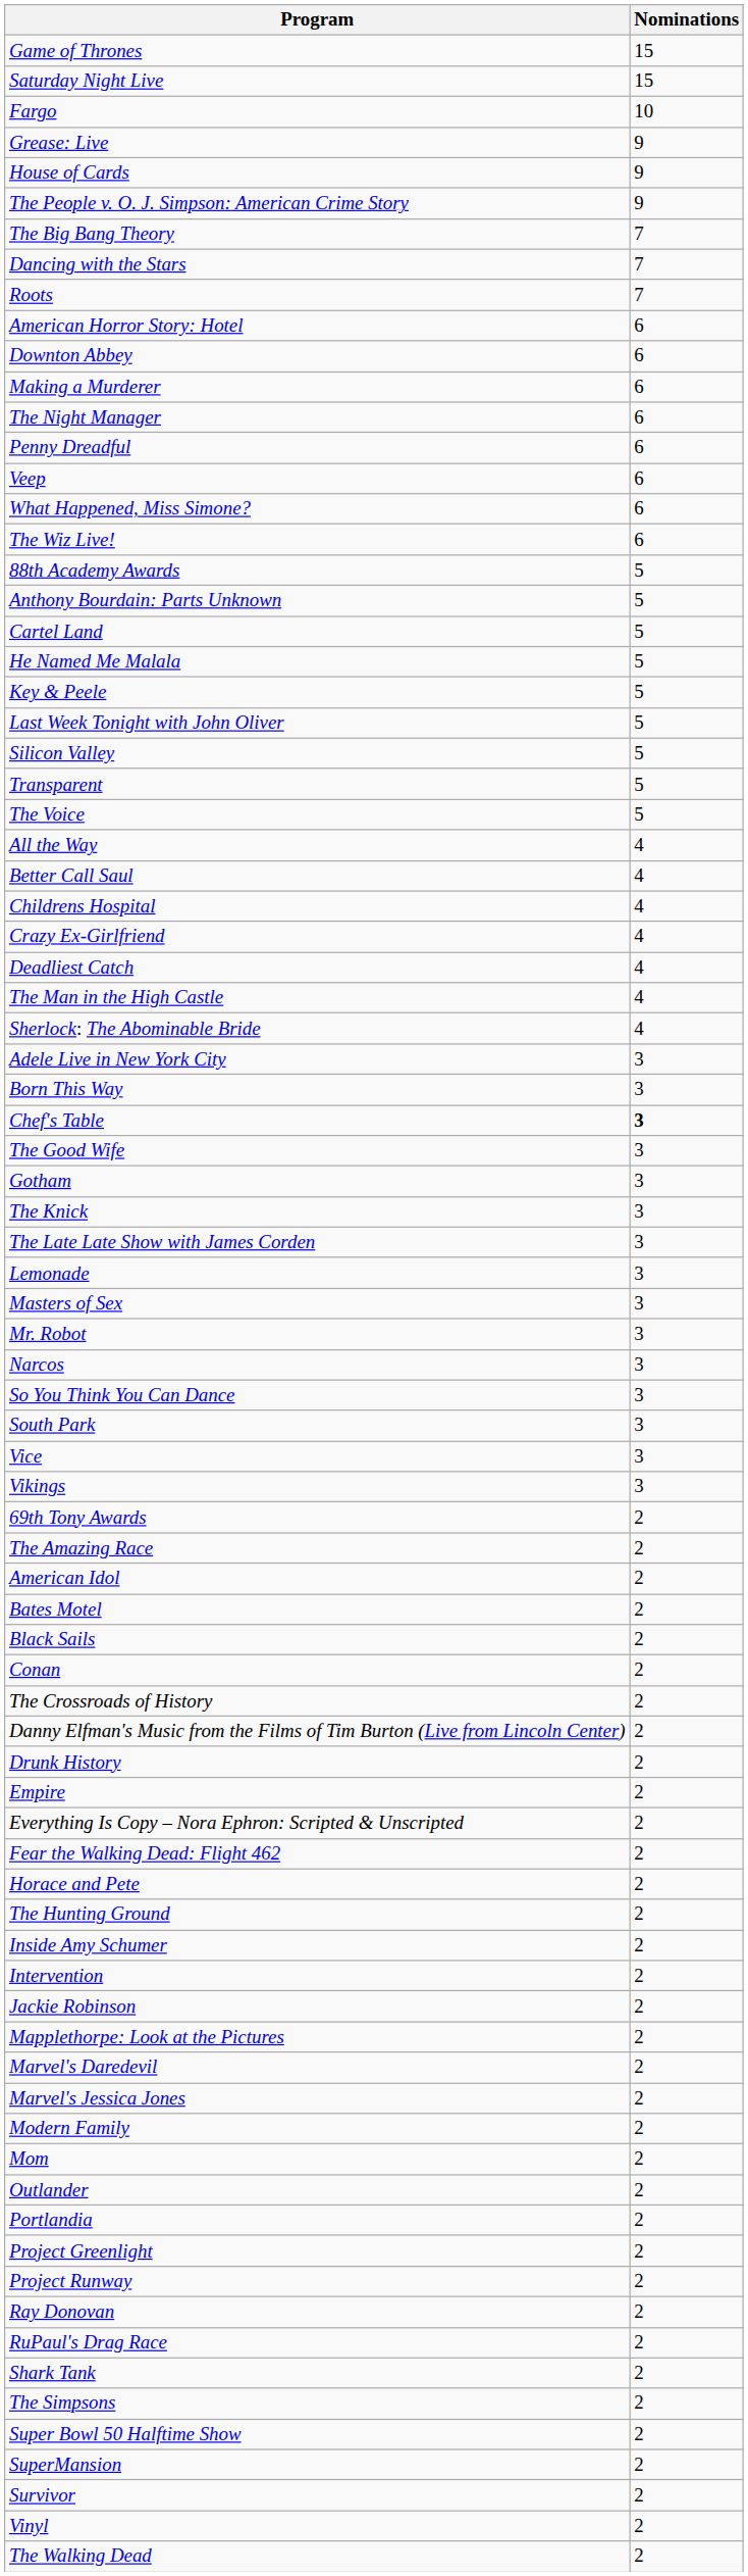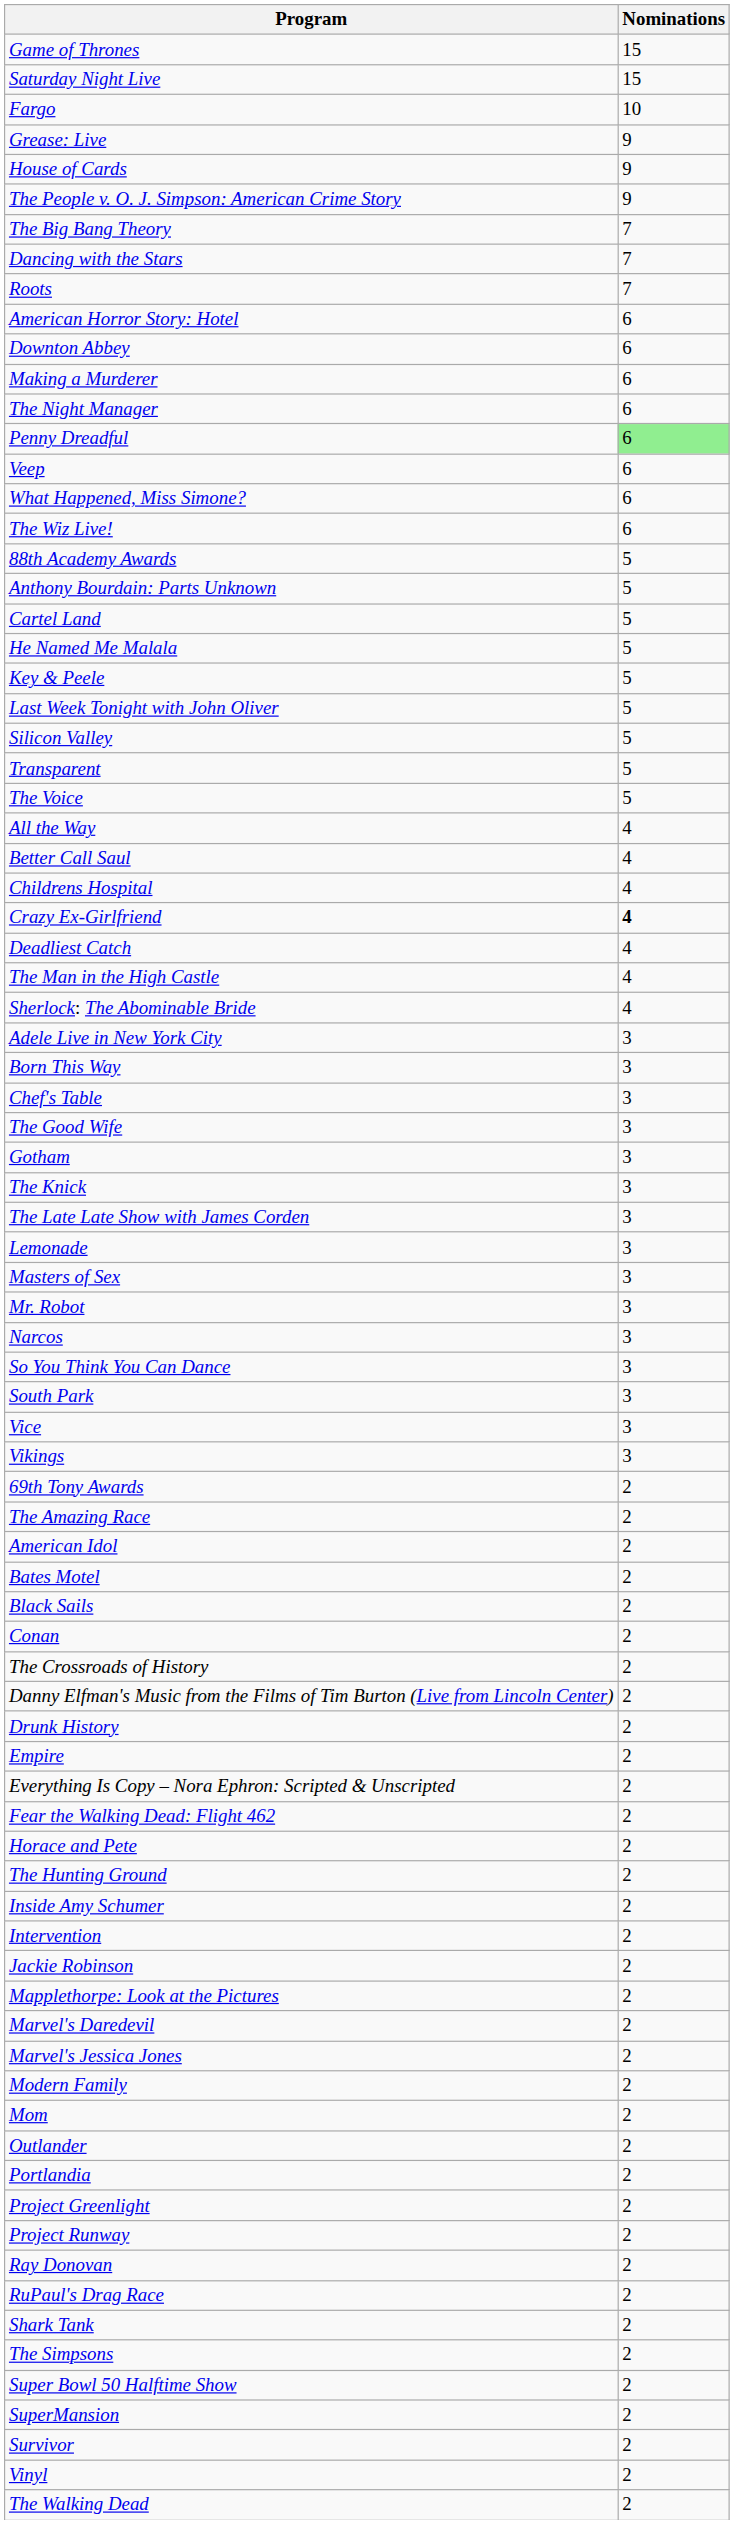 <table class="wikitable sortable">
 <tr>
 <th>Program</th>
 <th>Nominations</th>
 </tr>
 <tr>
 <td><em><a href='#'>Game of Thrones</a></em></td>
 <td>15</td>
 </tr>
 <tr>
 <td><em><a href='#'>Saturday Night Live</a></em></td>
 <td>15</td>
 </tr>
 <tr>
 <td><em><a href='#'>Fargo</a></em></td>
 <td>10</td>
 </tr>
 <tr>
 <td><em><a href='#'>Grease: Live</a></em></td>
 <td>9</td>
 </tr>
 <tr>
 <td><em><a href='#'>House of Cards</a></em></td>
 <td>9</td>
 </tr>
 <tr>
 <td><em><a href='#'>The People v. O. J. Simpson: American Crime Story</a></em></td>
 <td>9</td>
 </tr>
 <tr>
 <td><em><a href='#'>The Big Bang Theory</a></em></td>
 <td>7</td>
 </tr>
 <tr>
 <td><em><a href='#'>Dancing with the Stars</a></em></td>
 <td>7</td>
 </tr>
 <tr>
 <td><em><a href='#'>Roots</a></em></td>
 <td>7</td>
 </tr>
 <tr>
 <td><em><a href='#'>American Horror Story: Hotel</a></em></td>
 <td>6</td>
 </tr>
 <tr>
 <td><em><a href='#'>Downton Abbey</a></em></td>
 <td>6</td>
 </tr>
 <tr>
 <td><em><a href='#'>Making a Murderer</a></em></td>
 <td>6</td>
 </tr>
 <tr>
 <td><em><a href='#'>The Night Manager</a></em></td>
 <td>6</td>
 </tr>
 <tr>
 <td><em><a href='#'>Penny Dreadful</a></em></td>
-<td>6</td>
+<td style="background: lightgreen;">6</td>
 </tr>
 <tr>
 <td><em><a href='#'>Veep</a></em></td>
 <td>6</td>
 </tr>
 <tr>
 <td><em><a href='#'>What Happened, Miss Simone?</a></em></td>
 <td>6</td>
 </tr>
 <tr>
 <td><em><a href='#'>The Wiz Live!</a></em></td>
 <td>6</td>
 </tr>
 <tr>
 <td><em><a href='#'>88th Academy Awards</a></em></td>
 <td>5</td>
 </tr>
 <tr>
 <td><em><a href='#'>Anthony Bourdain: Parts Unknown</a></em></td>
 <td>5</td>
 </tr>
 <tr>
 <td><em><a href='#'>Cartel Land</a></em></td>
 <td>5</td>
 </tr>
 <tr>
 <td><em><a href='#'>He Named Me Malala</a></em></td>
 <td>5</td>
 </tr>
 <tr>
 <td><em><a href='#'>Key & Peele</a></em></td>
 <td>5</td>
 </tr>
 <tr>
 <td><em><a href='#'>Last Week Tonight with John Oliver</a></em></td>
 <td>5</td>
 </tr>
 <tr>
 <td><em><a href='#'>Silicon Valley</a></em></td>
 <td>5</td>
 </tr>
 <tr>
 <td><em><a href='#'>Transparent</a></em></td>
 <td>5</td>
 </tr>
 <tr>
 <td><em><a href='#'>The Voice</a></em></td>
 <td>5</td>
 </tr>
 <tr>
 <td><em><a href='#'>All the Way</a></em></td>
 <td>4</td>
 </tr>
 <tr>
 <td><em><a href='#'>Better Call Saul</a></em></td>
 <td>4</td>
 </tr>
 <tr>
 <td><em><a href='#'>Childrens Hospital</a></em></td>
 <td>4</td>
 </tr>
 <tr>
 <td><em><a href='#'>Crazy Ex-Girlfriend</a></em></td>
-<td>4</td>
+<td><strong>4</strong></td>
 </tr>
 <tr>
 <td><em><a href='#'>Deadliest Catch</a></em></td>
 <td>4</td>
 </tr>
 <tr>
 <td><em><a href='#'>The Man in the High Castle</a></em></td>
 <td>4</td>
 </tr>
 <tr>
 <td><em><a href='#'>Sherlock</a></em>: <em><a href='#'>The Abominable Bride</a></em></td>
 <td>4</td>
 </tr>
 <tr>
 <td><em><a href='#'>Adele Live in New York City</a></em></td>
 <td>3</td>
 </tr>
 <tr>
 <td><em><a href='#'>Born This Way</a></em></td>
 <td>3</td>
 </tr>
 <tr>
 <td><em><a href='#'>Chef's Table</a></em></td>
-<td><strong>3</strong></td>
+<td>3</td>
 </tr>
 <tr>
 <td><em><a href='#'>The Good Wife</a></em></td>
 <td>3</td>
 </tr>
 <tr>
 <td><em><a href='#'>Gotham</a></em></td>
 <td>3</td>
 </tr>
 <tr>
 <td><em><a href='#'>The Knick</a></em></td>
 <td>3</td>
 </tr>
 <tr>
 <td><em><a href='#'>The Late Late Show with James Corden</a></em></td>
 <td>3</td>
 </tr>
 <tr>
 <td><em><a href='#'>Lemonade</a></em></td>
 <td>3</td>
 </tr>
 <tr>
 <td><em><a href='#'>Masters of Sex</a></em></td>
 <td>3</td>
 </tr>
 <tr>
 <td><em><a href='#'>Mr. Robot</a></em></td>
 <td>3</td>
 </tr>
 <tr>
 <td><em><a href='#'>Narcos</a></em></td>
 <td>3</td>
 </tr>
 <tr>
 <td><em><a href='#'>So You Think You Can Dance</a></em></td>
 <td>3</td>
 </tr>
 <tr>
 <td><em><a href='#'>South Park</a></em></td>
 <td>3</td>
 </tr>
 <tr>
 <td><em><a href='#'>Vice</a></em></td>
 <td>3</td>
 </tr>
 <tr>
 <td><em><a href='#'>Vikings</a></em></td>
 <td>3</td>
 </tr>
 <tr>
 <td><em><a href='#'>69th Tony Awards</a></em></td>
 <td>2</td>
 </tr>
 <tr>
 <td><em><a href='#'>The Amazing Race</a></em></td>
 <td>2</td>
 </tr>
 <tr>
 <td><em><a href='#'>American Idol</a></em></td>
 <td>2</td>
 </tr>
 <tr>
 <td><em><a href='#'>Bates Motel</a></em></td>
 <td>2</td>
 </tr>
 <tr>
 <td><em><a href='#'>Black Sails</a></em></td>
 <td>2</td>
 </tr>
 <tr>
 <td><em><a href='#'>Conan</a></em></td>
 <td>2</td>
 </tr>
 <tr>
 <td><em>The Crossroads of History</em></td>
 <td>2</td>
 </tr>
 <tr>
 <td><em>Danny Elfman's Music from the Films of Tim Burton (<a href='#'>Live from Lincoln Center</a>)</em></td>
 <td>2</td>
 </tr>
 <tr>
 <td><em><a href='#'>Drunk History</a></em></td>
 <td>2</td>
 </tr>
 <tr>
 <td><em><a href='#'>Empire</a></em></td>
 <td>2</td>
 </tr>
 <tr>
 <td><em>Everything Is Copy – Nora Ephron: Scripted & Unscripted</em></td>
 <td>2</td>
 </tr>
 <tr>
 <td><em><a href='#'>Fear the Walking Dead: Flight 462</a></em></td>
 <td>2</td>
 </tr>
 <tr>
 <td><em><a href='#'>Horace and Pete</a></em></td>
 <td>2</td>
 </tr>
 <tr>
 <td><em><a href='#'>The Hunting Ground</a></em></td>
 <td>2</td>
 </tr>
 <tr>
 <td><em><a href='#'>Inside Amy Schumer</a></em></td>
 <td>2</td>
 </tr>
 <tr>
 <td><em><a href='#'>Intervention</a></em></td>
 <td>2</td>
 </tr>
 <tr>
 <td><em><a href='#'>Jackie Robinson</a></em></td>
 <td>2</td>
 </tr>
 <tr>
 <td><em><a href='#'>Mapplethorpe: Look at the Pictures</a></em></td>
 <td>2</td>
 </tr>
 <tr>
 <td><em><a href='#'>Marvel's Daredevil</a></em></td>
 <td>2</td>
 </tr>
 <tr>
 <td><em><a href='#'>Marvel's Jessica Jones</a></em></td>
 <td>2</td>
 </tr>
 <tr>
 <td><em><a href='#'>Modern Family</a></em></td>
 <td>2</td>
 </tr>
 <tr>
 <td><em><a href='#'>Mom</a></em></td>
 <td>2</td>
 </tr>
 <tr>
 <td><em><a href='#'>Outlander</a></em></td>
 <td>2</td>
 </tr>
 <tr>
 <td><em><a href='#'>Portlandia</a></em></td>
 <td>2</td>
 </tr>
 <tr>
 <td><em><a href='#'>Project Greenlight</a></em></td>
 <td>2</td>
 </tr>
 <tr>
 <td><em><a href='#'>Project Runway</a></em></td>
 <td>2</td>
 </tr>
 <tr>
 <td><em><a href='#'>Ray Donovan</a></em></td>
 <td>2</td>
 </tr>
 <tr>
 <td><em><a href='#'>RuPaul's Drag Race</a></em></td>
 <td>2</td>
 </tr>
 <tr>
 <td><em><a href='#'>Shark Tank</a></em></td>
 <td>2</td>
 </tr>
 <tr>
 <td><em><a href='#'>The Simpsons</a></em></td>
 <td>2</td>
 </tr>
 <tr>
 <td><em><a href='#'>Super Bowl 50 Halftime Show</a></em></td>
 <td>2</td>
 </tr>
 <tr>
 <td><em><a href='#'>SuperMansion</a></em></td>
 <td>2</td>
 </tr>
 <tr>
 <td><em><a href='#'>Survivor</a></em></td>
 <td>2</td>
 </tr>
 <tr>
 <td><em><a href='#'>Vinyl</a></em></td>
 <td>2</td>
 </tr>
 <tr>
 <td><em><a href='#'>The Walking Dead</a></em></td>
 <td>2</td>
 </tr>
 </table>
